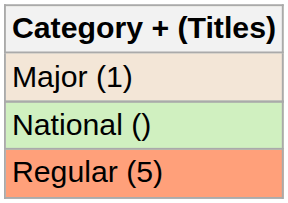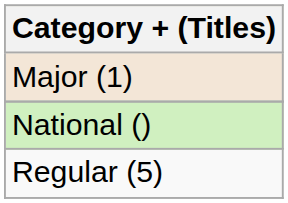 <table class="wikitable" style="display:inline-table;">
 <tr style="background:#ffc;">
 <th>Category + (Titles)</th>
 </tr>
 <tr style="background:#f3e6d7">
 <td>Major  (1)</td>
 </tr>
 <tr>
 </tr>
 <tr style="background:#d0f0c0">
 <td>National ()</td>
 </tr>
 <tr>
-<td style="background: lightsalmon;">Regular (5)</td>
+<td>Regular (5)</td>
 </tr>
 </table>
